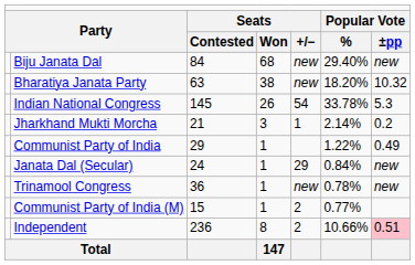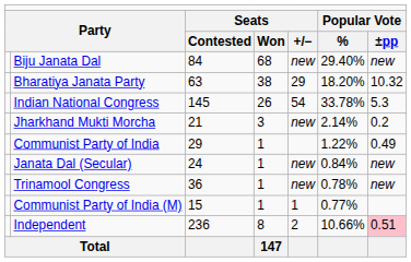 <table class="wikitable">
 <tr>
 <td colspan="7"></td>
 </tr>
 <tr>
 <th colspan="2" rowspan="2">Party</th>
 <th colspan="3">Seats</th>
 <th colspan="2">Popular Vote</th>
 </tr>
 <tr>
 <th>Contested</th>
 <th>Won</th>
 <th><strong>+/−</strong></th>
 <th>%</th>
 <th>±<a href='#'>pp</a></th>
 </tr>
 <tr>
 <td style="background-color: "></td>
 <td><a href='#'>Biju Janata Dal</a></td>
 <td>84</td>
 <td>68</td>
 <td><em>new</em></td>
 <td>29.40%</td>
 <td><em>new</em></td>
 </tr>
 <tr>
 <td style="background-color: "></td>
 <td><a href='#'>Bharatiya Janata Party</a></td>
 <td>63</td>
 <td>38</td>
-<td><em>new</em></td>
+<td>29</td>
 <td>18.20%</td>
 <td>10.32</td>
 </tr>
 <tr>
 <td style="background-color: "></td>
 <td><a href='#'>Indian National Congress</a></td>
 <td>145</td>
 <td>26</td>
 <td>54</td>
 <td>33.78%</td>
 <td>5.3</td>
 </tr>
 <tr>
 <td style="background-color: "></td>
 <td><a href='#'>Jharkhand Mukti Morcha</a></td>
 <td>21</td>
 <td>3</td>
-<td>1</td>
+<td><em>new</em></td>
 <td>2.14%</td>
 <td>0.2</td>
 </tr>
 <tr>
 <td style="background-color: "></td>
 <td><a href='#'>Communist Party of India</a></td>
 <td>29</td>
 <td>1</td>
 <td></td>
 <td>1.22%</td>
 <td>0.49</td>
 </tr>
 <tr>
 <td style="background-color: "></td>
 <td><a href='#'>Janata Dal (Secular)</a></td>
 <td>24</td>
 <td>1</td>
-<td>29</td>
+<td><em>new</em></td>
 <td>0.84%</td>
 <td><em>new</em></td>
 </tr>
 <tr>
 <td style="background-color: "></td>
 <td><a href='#'>Trinamool Congress</a></td>
 <td>36</td>
 <td>1</td>
 <td><em>new</em></td>
 <td>0.78%</td>
 <td><em>new</em></td>
 </tr>
 <tr>
 <td style="background-color: "></td>
 <td><a href='#'>Communist Party of India (M)</a></td>
 <td>15</td>
 <td>1</td>
-<td>2</td>
+<td>1</td>
 <td>0.77%</td>
 <td></td>
 </tr>
 <tr>
 <td style="background-color: "></td>
 <td><a href='#'>Independent</a></td>
 <td>236</td>
 <td>8</td>
 <td>2</td>
 <td>10.66%</td>
 <td style="background: pink;">0.51</td>
 </tr>
 <tr>
 <th colspan="2">Total</th>
 <th></th>
 <th>147</th>
 <th></th>
 <th></th>
 <th></th>
 </tr>
 </table>
